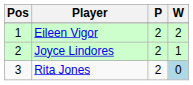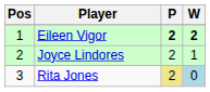 <table class="wikitable">
 <tr>
 <th width=20>Pos</th>
 <th width=150>Player</th>
 <th width=20>P</th>
 <th width=20>W</th>
 </tr>
 <tr>
 </tr>
 <tr align=center style="background: #ccffcc;">
 <td>1</td>
 <td align="left"> <a href='#'>Eileen Vigor</a></td>
-<td>2</td>
-<td>2</td>
+<td><strong>2</strong></td>
+<td><strong>2</strong></td>
 </tr>
 <tr align=center style="background: #ccffcc;">
 <td>2</td>
 <td align="left"> <a href='#'>Joyce Lindores</a></td>
 <td>2</td>
 <td>1</td>
 </tr>
 <tr align=center>
 <td>3</td>
 <td align="left"> <a href='#'>Rita Jones</a></td>
-<td>2</td>
+<td style="background: khaki;">2</td>
 <td style="background: lightblue;">0</td>
 </tr>
 </table>
